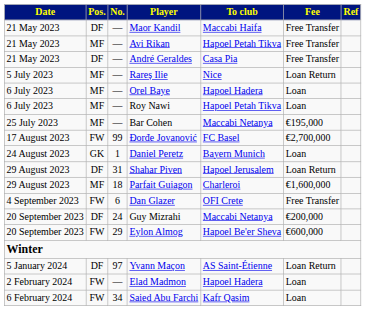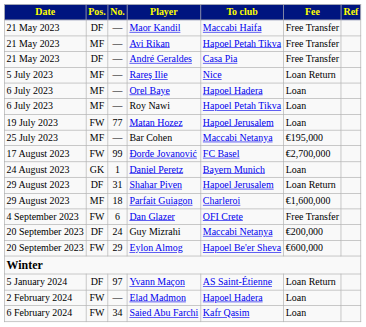 <table class="wikitable plainrowheaders sortable">
 <tr>
 <th style="background:#00157F; color:#FFFF00; ">Date</th>
 <th style="background:#00157F; color:#FFFF00; ">Pos.</th>
 <th style="background:#00157F; color:#FFFF00; ">No.</th>
 <th style="background:#00157F; color:#FFFF00; ">Player</th>
 <th style="background:#00157F; color:#FFFF00; ">To club</th>
 <th style="background:#00157F; color:#FFFF00; ">Fee</th>
 <th style="background:#00157F; color:#FFFF00; ">Ref</th>
 </tr>
 <tr>
 <td>21 May 2023</td>
 <td style="text-align:center;">DF</td>
 <td style="text-align:center;">—</td>
 <td style="text-align:left;"> <a href='#'>Maor Kandil</a></td>
 <td style="text-align:left;"> <a href='#'>Maccabi Haifa</a></td>
 <td>Free Transfer</td>
 <td></td>
 </tr>
 <tr>
 <td>21 May 2023</td>
 <td style="text-align:center;">MF</td>
 <td style="text-align:center;">—</td>
 <td style="text-align:left;"> <a href='#'>Avi Rikan</a></td>
 <td style="text-align:left;"> <a href='#'>Hapoel Petah Tikva</a></td>
 <td>Free Transfer</td>
 <td></td>
 </tr>
 <tr>
 <td>21 May 2023</td>
 <td style="text-align:center;">DF</td>
 <td style="text-align:center;">—</td>
 <td style="text-align:left;"> <a href='#'>André Geraldes</a></td>
 <td style="text-align:left;"> <a href='#'>Casa Pia</a></td>
 <td>Free Transfer</td>
 <td></td>
 </tr>
 <tr>
 <td>5 July 2023</td>
 <td style="text-align:center;">MF</td>
 <td style="text-align:center;">—</td>
 <td style="text-align:left;"> <a href='#'>Rareș Ilie</a></td>
 <td style="text-align:left;"> <a href='#'>Nice</a></td>
 <td>Loan Return</td>
 <td></td>
 </tr>
 <tr>
 <td>6 July 2023</td>
 <td style="text-align:center;">MF</td>
 <td style="text-align:center;">—</td>
 <td style="text-align:left;"> <a href='#'>Orel Baye</a></td>
 <td style="text-align:left;"> <a href='#'>Hapoel Hadera</a></td>
 <td>Loan</td>
 <td></td>
 </tr>
 <tr>
 <td>6 July 2023</td>
 <td style="text-align:center;">MF</td>
 <td style="text-align:center;">—</td>
 <td style="text-align:left;"> Roy Nawi</td>
 <td style="text-align:left;"> <a href='#'>Hapoel Petah Tikva</a></td>
+<td>Loan</td>
+<td></td>
+</tr>
+<tr>
+<td>19 July 2023</td>
+<td style="text-align:center;">FW</td>
+<td style="text-align:center;">77</td>
+<td> <a href='#'>Matan Hozez</a></td>
+<td> <a href='#'>Hapoel Jerusalem</a></td>
 <td>Loan</td>
 <td></td>
 </tr>
 <tr>
 <td>25 July 2023</td>
 <td style="text-align:center;">MF</td>
 <td style="text-align:center;">—</td>
 <td> Bar Cohen</td>
 <td> <a href='#'>Maccabi Netanya</a></td>
 <td>€195,000</td>
 <td></td>
 </tr>
 <tr>
 <td>17 August 2023</td>
 <td style="text-align:center;">FW</td>
 <td style="text-align:center;">99</td>
 <td> <a href='#'>Đorđe Jovanović</a></td>
 <td> <a href='#'>FC Basel</a></td>
 <td>€2,700,000</td>
 <td></td>
 </tr>
 <tr>
 <td>24 August 2023</td>
 <td style="text-align:center;">GK</td>
 <td style="text-align:center;">1</td>
 <td> <a href='#'>Daniel Peretz</a></td>
 <td> <a href='#'>Bayern Munich</a></td>
 <td>Loan</td>
 <td></td>
 </tr>
 <tr>
 <td>29 August 2023</td>
 <td style="text-align:center;">DF</td>
 <td style="text-align:center;">31</td>
 <td> <a href='#'>Shahar Piven</a></td>
 <td> <a href='#'>Hapoel Jerusalem</a></td>
 <td>Loan Return</td>
 <td></td>
 </tr>
 <tr>
 <td>29 August 2023</td>
 <td style="text-align:center;">MF</td>
 <td style="text-align:center;">18</td>
 <td> <a href='#'>Parfait Guiagon</a></td>
 <td> <a href='#'>Charleroi</a></td>
 <td>€1,600,000</td>
 <td></td>
 </tr>
 <tr>
 <td>4 September 2023</td>
 <td style="text-align:center;">FW</td>
 <td style="text-align:center;">6</td>
 <td> <a href='#'>Dan Glazer</a></td>
 <td> <a href='#'>OFI Crete</a></td>
 <td>Free Transfer</td>
 <td></td>
 </tr>
 <tr>
 <td>20 September 2023</td>
 <td style="text-align:center;">DF</td>
 <td style="text-align:center;">24</td>
 <td> Guy Mizrahi</td>
 <td> <a href='#'>Maccabi Netanya</a></td>
 <td>€200,000</td>
 <td></td>
 </tr>
 <tr>
 <td>20 September 2023</td>
 <td style="text-align:center;">FW</td>
 <td style="text-align:center;">29</td>
 <td> <a href='#'>Eylon Almog</a></td>
 <td> <a href='#'>Hapoel Be'er Sheva</a></td>
 <td>€600,000</td>
 <td></td>
 </tr>
 <tr>
 <td colspan="7"><strong><big>Winter</big></strong></td>
 </tr>
 <tr>
 <td>5 January 2024</td>
 <td style="text-align:center;">DF</td>
 <td style="text-align:center;">97</td>
 <td> <a href='#'>Yvann Maçon</a></td>
 <td> <a href='#'>AS Saint-Étienne</a></td>
 <td>Loan Return</td>
 <td></td>
 </tr>
 <tr>
 <td>2 February 2024</td>
 <td style="text-align:center;">FW</td>
 <td style="text-align:center;">—</td>
 <td> <a href='#'>Elad Madmon</a></td>
 <td> <a href='#'>Hapoel Hadera</a></td>
 <td>Loan</td>
 <td></td>
 </tr>
 <tr>
 <td>6 February 2024</td>
 <td style="text-align:center;">FW</td>
 <td style="text-align:center;">34</td>
 <td> <a href='#'>Saied Abu Farchi</a></td>
 <td> <a href='#'>Kafr Qasim</a></td>
 <td>Loan</td>
 <td></td>
 </tr>
 </table>
